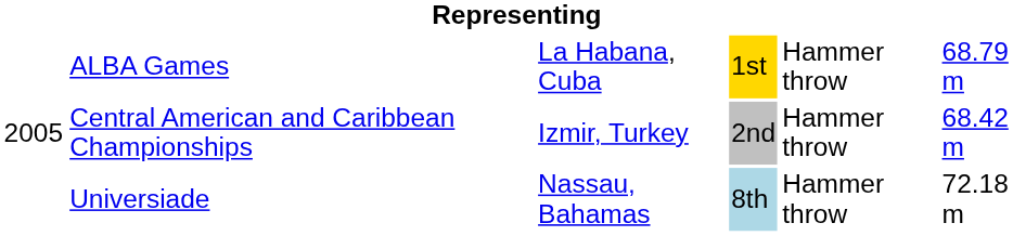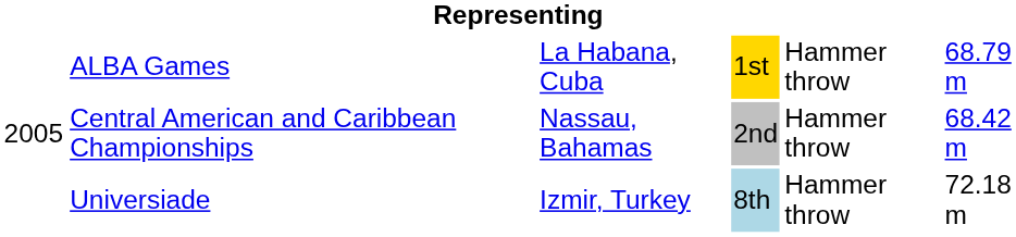 <table>
 <tr>
 <th colspan="6">Representing </th>
 </tr>
 <tr>
 <td rowspan=3>2005</td>
 <td><a href='#'>ALBA Games</a></td>
 <td><a href='#'>La Habana</a>, <a href='#'>Cuba</a></td>
 <td bgcolor=gold>1st</td>
 <td>Hammer throw</td>
 <td><a href='#'>68.79 m</a></td>
 </tr>
 <tr>
 <td><a href='#'>Central American and Caribbean Championships</a></td>
-<td><a href='#'>Izmir, Turkey</a></td>
+<td><a href='#'>Nassau, Bahamas</a></td>
 <td bgcolor="silver">2nd</td>
 <td>Hammer throw</td>
 <td><a href='#'>68.42 m</a></td>
 </tr>
 <tr>
 <td><a href='#'>Universiade</a></td>
-<td><a href='#'>Nassau, Bahamas</a></td>
+<td><a href='#'>Izmir, Turkey</a></td>
 <td style="background: lightblue;">8th</td>
 <td>Hammer throw</td>
 <td>72.18 m</td>
 </tr>
 </table>
